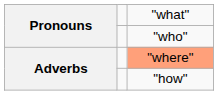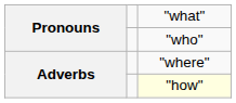 <table class="wikitable" style="text-align: center;" width="40%">
 <tr>
 <th rowspan=2>Pronouns</th>
 <td></td>
 <td>"what"</td>
 </tr>
 <tr>
 <td></td>
 <td>"who"</td>
 </tr>
 <tr>
 <th rowspan=2>Adverbs</th>
 <td></td>
-<td style="background: lightsalmon;">"where"</td>
+<td>"where"</td>
 </tr>
 <tr>
 <td></td>
-<td>"how"</td>
+<td style="background: lightyellow;">"how"</td>
 </tr>
 </table>
